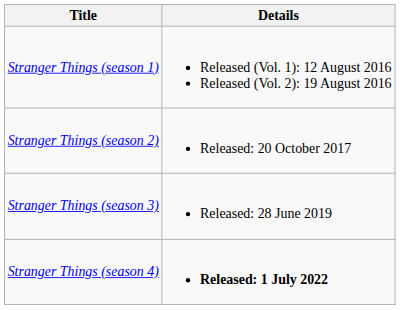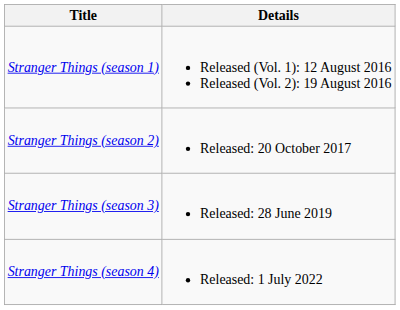 <table class="wikitable">
 <tr>
 <th>Title</th>
 <th>Details</th>
 </tr>
 <tr>
 <td><em><a href='#'>Stranger Things (season 1)</a></em></td>
 <td><br><ul><li>Released (Vol. 1): 12 August 2016</li><li>Released (Vol. 2): 19 August 2016</li></ul></td>
 </tr>
 <tr>
 <td><em><a href='#'>Stranger Things (season 2)</a></em></td>
 <td><br><ul><li>Released: 20 October 2017</li></ul></td>
 </tr>
 <tr>
 <td><em><a href='#'>Stranger Things (season 3)</a></em></td>
 <td><br><ul><li>Released: 28 June 2019</li></ul></td>
 </tr>
 <tr>
 <td><em><a href='#'>Stranger Things (season 4)</a></em></td>
-<td><strong><br><ul><li>Released: 1 July 2022</li></ul></strong></td>
+<td><br><ul><li>Released: 1 July 2022</li></ul></td>
 </tr>
 </table>
